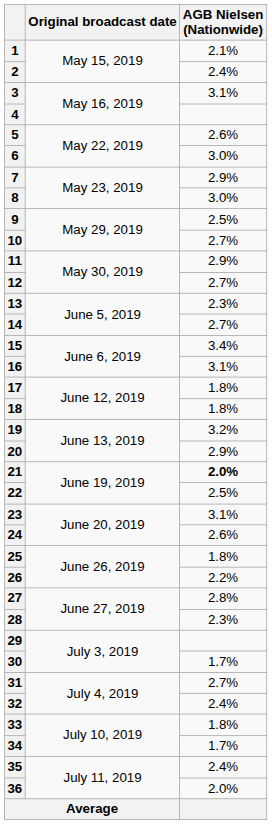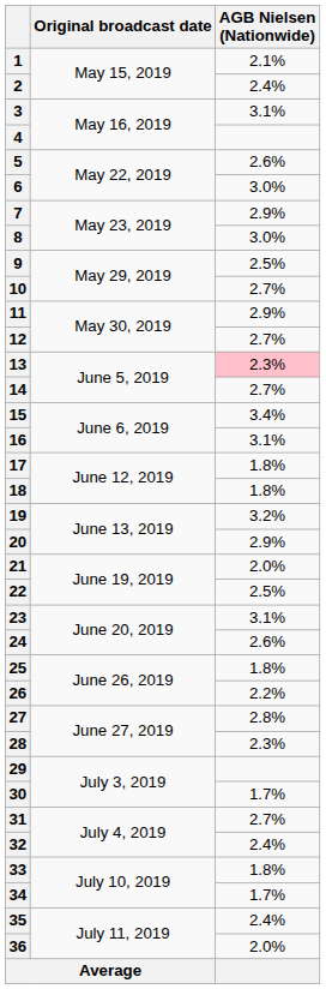 <table class="wikitable" style="text-align:center">
 <tr>
 <th></th>
 <th>Original broadcast date</th>
 <th>AGB Nielsen<br>(Nationwide)</th>
 </tr>
 <tr>
 <th>1</th>
 <td rowspan="2">May 15, 2019</td>
 <td>2.1%</td>
 </tr>
 <tr>
 <th>2</th>
 <td>2.4%</td>
 </tr>
 <tr>
 <th>3</th>
 <td rowspan="2">May 16, 2019</td>
 <td>3.1%</td>
 </tr>
 <tr>
 <th>4</th>
 <td></td>
 </tr>
 <tr>
 <th>5</th>
 <td rowspan="2">May 22, 2019</td>
 <td>2.6%</td>
 </tr>
 <tr>
 <th>6</th>
 <td>3.0%</td>
 </tr>
 <tr>
 <th>7</th>
 <td rowspan="2">May 23, 2019</td>
 <td>2.9%</td>
 </tr>
 <tr>
 <th>8</th>
 <td>3.0%</td>
 </tr>
 <tr>
 <th>9</th>
 <td rowspan="2">May 29, 2019</td>
 <td>2.5%</td>
 </tr>
 <tr>
 <th>10</th>
 <td>2.7%</td>
 </tr>
 <tr>
 <th>11</th>
 <td rowspan="2">May 30, 2019</td>
 <td>2.9%</td>
 </tr>
 <tr>
 <th>12</th>
 <td>2.7%</td>
 </tr>
 <tr>
 <th>13</th>
 <td rowspan="2">June 5, 2019</td>
-<td>2.3%</td>
+<td style="background: pink;">2.3%</td>
 </tr>
 <tr>
 <th>14</th>
 <td>2.7%</td>
 </tr>
 <tr>
 <th>15</th>
 <td rowspan="2">June 6, 2019</td>
 <td>3.4%</td>
 </tr>
 <tr>
 <th>16</th>
 <td>3.1%</td>
 </tr>
 <tr>
 <th>17</th>
 <td rowspan="2">June 12, 2019</td>
 <td>1.8%</td>
 </tr>
 <tr>
 <th>18</th>
 <td>1.8%</td>
 </tr>
 <tr>
 <th>19</th>
 <td rowspan="2">June 13, 2019</td>
 <td>3.2%</td>
 </tr>
 <tr>
 <th>20</th>
 <td>2.9%</td>
 </tr>
 <tr>
 <th>21</th>
 <td rowspan="2">June 19, 2019</td>
-<td><strong>2.0%</strong></td>
+<td>2.0%</td>
 </tr>
 <tr>
 <th>22</th>
 <td>2.5%</td>
 </tr>
 <tr>
 <th>23</th>
 <td rowspan="2">June 20, 2019</td>
 <td>3.1%</td>
 </tr>
 <tr>
 <th>24</th>
 <td>2.6%</td>
 </tr>
 <tr>
 <th>25</th>
 <td rowspan="2">June 26, 2019</td>
 <td>1.8%</td>
 </tr>
 <tr>
 <th>26</th>
 <td>2.2%</td>
 </tr>
 <tr>
 <th>27</th>
 <td rowspan="2">June 27, 2019</td>
 <td>2.8%</td>
 </tr>
 <tr>
 <th>28</th>
 <td>2.3%</td>
 </tr>
 <tr>
 <th>29</th>
 <td rowspan="2">July 3, 2019</td>
 <td></td>
 </tr>
 <tr>
 <th>30</th>
 <td>1.7%</td>
 </tr>
 <tr>
 <th>31</th>
 <td rowspan="2">July 4, 2019</td>
 <td>2.7%</td>
 </tr>
 <tr>
 <th>32</th>
 <td>2.4%</td>
 </tr>
 <tr>
 <th>33</th>
 <td rowspan="2">July 10, 2019</td>
 <td>1.8%</td>
 </tr>
 <tr>
 <th>34</th>
 <td>1.7%</td>
 </tr>
 <tr>
 <th>35</th>
 <td rowspan="2">July 11, 2019</td>
 <td>2.4%</td>
 </tr>
 <tr>
 <th>36</th>
 <td>2.0%</td>
 </tr>
 <tr>
 <th colspan="2">Average</th>
 <th></th>
 </tr>
 </table>
